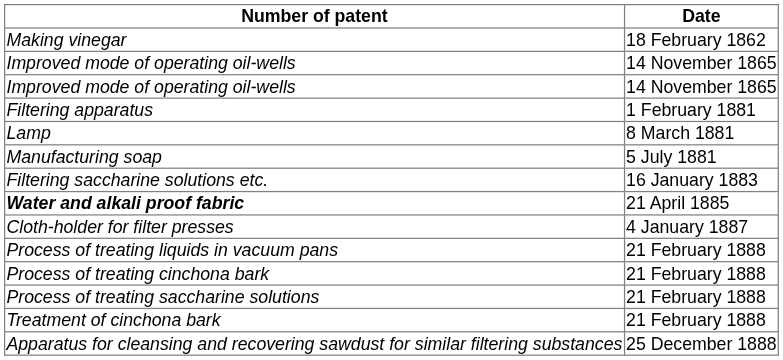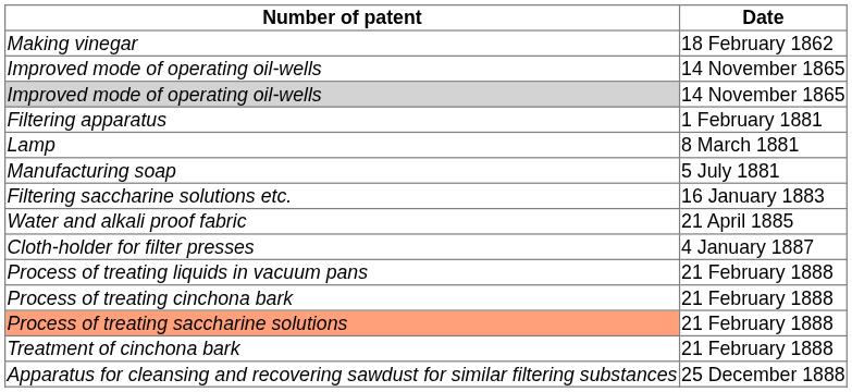 <table class = "sortable" | border="1" cellpadding="1" style="border-collapse: collapse; font-size:90%">
 <tr>
 <th><strong>Number of patent</strong></th>
 <th><strong>Date</strong></th>
 </tr>
 <tr>
 <td> <em>Making vinegar</em></td>
 <td>18 February 1862</td>
 </tr>
 <tr>
 <td> <em>Improved mode of operating oil-wells</em></td>
 <td>14 November 1865</td>
 </tr>
 <tr>
-<td> <em>Improved mode of operating oil-wells</em></td>
+<td style="background: lightgrey;"> <em>Improved mode of operating oil-wells</em></td>
 <td>14 November 1865</td>
 </tr>
 <tr>
 <td> <em>Filtering apparatus</em></td>
 <td>1 February 1881</td>
 </tr>
 <tr>
 <td> <em>Lamp</em></td>
 <td>8 March 1881</td>
 </tr>
 <tr>
 <td> <em>Manufacturing soap</em></td>
 <td>5 July 1881</td>
 </tr>
 <tr>
 <td> <em>Filtering saccharine solutions etc.</em></td>
 <td>16 January 1883</td>
 </tr>
 <tr>
-<td><strong> <em>Water and alkali proof fabric</em></strong></td>
+<td> <em>Water and alkali proof fabric</em></td>
 <td>21 April 1885</td>
 </tr>
 <tr>
 <td> <em>Cloth-holder for filter presses</em></td>
 <td>4 January 1887</td>
 </tr>
 <tr>
 <td> <em>Process of treating liquids in vacuum pans</em></td>
 <td>21 February 1888</td>
 </tr>
 <tr>
 <td> <em>Process of treating cinchona bark </em></td>
 <td>21 February 1888</td>
 </tr>
 <tr>
-<td> <em>Process of treating saccharine solutions</em></td>
+<td style="background: lightsalmon;"> <em>Process of treating saccharine solutions</em></td>
 <td>21 February 1888</td>
 </tr>
 <tr>
 <td> <em>Treatment of cinchona bark</em></td>
 <td>21 February 1888</td>
 </tr>
 <tr>
 <td> <em>Apparatus for cleansing and recovering sawdust for similar filtering substances</em></td>
 <td>25 December 1888</td>
 </tr>
 </table>
